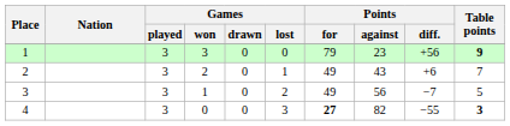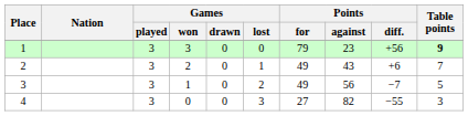 <table class="wikitable">
 <tr>
 <th rowspan=2 width="8%">Place</th>
 <th rowspan=2 width="20%">Nation</th>
 <th colspan=4 width="32%">Games</th>
 <th colspan=3 width="30%">Points</th>
 <th rowspan=2 width="10%">Table<br>points</th>
 </tr>
 <tr>
 <th width="8%">played</th>
 <th width="8%">won</th>
 <th width="8%">drawn</th>
 <th width="8%">lost</th>
 <th width="10%">for</th>
 <th width="10%">against</th>
 <th width="10%">diff.</th>
 </tr>
 <tr>
 </tr>
 <tr bgcolor=#ccffcc align=center>
 <td>1</td>
 <td align=left></td>
 <td>3</td>
 <td>3</td>
 <td>0</td>
 <td>0</td>
 <td>79</td>
 <td>23</td>
 <td>+56</td>
 <td><strong>9</strong></td>
 </tr>
 <tr bgcolor=#ffffff align=center>
 <td>2</td>
 <td align=left></td>
 <td>3</td>
 <td>2</td>
 <td>0</td>
 <td>1</td>
 <td>49</td>
 <td>43</td>
 <td>+6</td>
 <td>7</td>
 </tr>
 <tr bgcolor=#ffffff align=center>
 <td>3</td>
 <td align=left></td>
 <td>3</td>
 <td>1</td>
 <td>0</td>
 <td>2</td>
 <td>49</td>
 <td>56</td>
 <td>−7</td>
 <td>5</td>
 </tr>
 <tr bgcolor=#ffffff align=center>
 <td>4</td>
 <td align=left></td>
 <td>3</td>
 <td>0</td>
 <td>0</td>
 <td>3</td>
-<td><strong>27</strong></td>
+<td>27</td>
 <td>82</td>
 <td>−55</td>
-<td><strong>3</strong></td>
+<td>3</td>
 </tr>
 </table>
